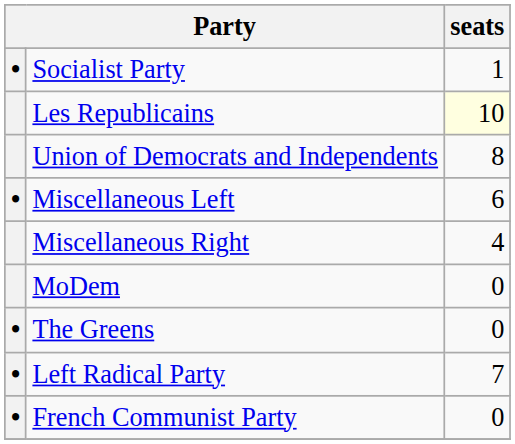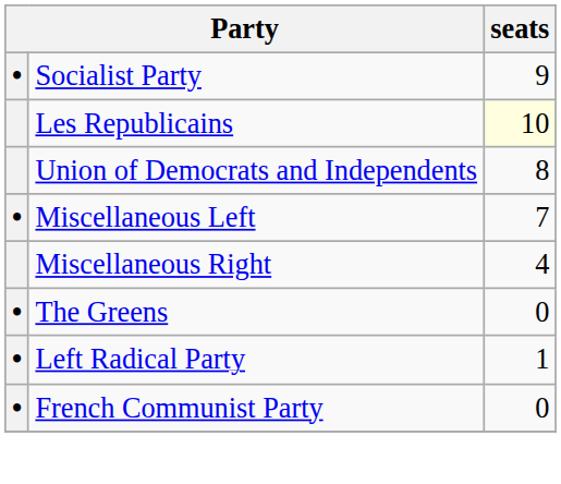 <table class="wikitable" style="font-size: 95%;">
 <tr>
 <th colspan=2>Party</th>
 <th>seats</th>
 </tr>
 <tr>
 <th style="background-color: "><span>•</span></th>
 <td><a href='#'>Socialist Party</a></td>
-<td align="right">1</td>
+<td align="right">9</td>
 </tr>
 <tr>
 <th style="background-color: "></th>
 <td><a href='#'>Les Republicains</a></td>
 <td align="right" style="background: lightyellow;">10</td>
 </tr>
 <tr>
 <th style="background-color: "></th>
 <td><a href='#'>Union of Democrats and Independents</a></td>
 <td align="right">8</td>
 </tr>
 <tr>
 <th style="background-color: "><span>•</span></th>
 <td><a href='#'>Miscellaneous Left</a></td>
-<td align="right">6</td>
+<td align="right">7</td>
 </tr>
 <tr>
 <th style="background-color: "></th>
 <td><a href='#'>Miscellaneous Right</a></td>
 <td align="right">4</td>
-</tr>
-<tr>
-<th style="background-color: "></th>
-<td><a href='#'>MoDem</a></td>
-<td align="right">0</td>
 </tr>
 <tr>
 <th style="background-color: "><span>•</span></th>
 <td><a href='#'>The Greens</a></td>
 <td align="right">0</td>
 </tr>
 <tr>
 <th style="background-color: "><span>•</span></th>
 <td><a href='#'>Left Radical Party</a></td>
-<td align="right">7</td>
+<td align="right">1</td>
 </tr>
 <tr>
 <th style="background-color: "><span>•</span></th>
 <td><a href='#'>French Communist Party</a></td>
 <td align="right">0</td>
 </tr>
 <tr>
 </tr>
 </table>
